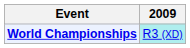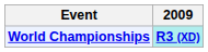 <table style='font-size: 90%; text-align:center;' class='wikitable'>
 <tr>
 <th>Event</th>
 <th>2009</th>
 </tr>
 <tr>
 <td bgcolor="#ECF2FF"; align="left"><strong><a href='#'>World Championships</a></strong></td>
-<td bgcolor=AFEEEE><a href='#'>R3 <small>(XD)</small></a></td>
+<td bgcolor=AFEEEE><strong><a href='#'>R3 <small>(XD)</small></a></strong></td>
 </tr>
 </table>
